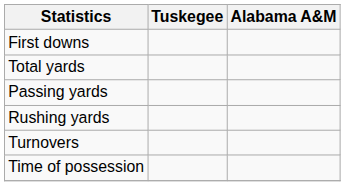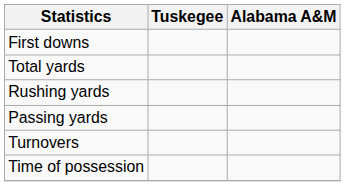 <table class="wikitable">
 <tr>
 <th>Statistics</th>
 <th>Tuskegee</th>
 <th>Alabama A&M</th>
 </tr>
 <tr>
 <td>First downs</td>
 <td> </td>
 <td> </td>
 </tr>
 <tr>
 <td>Total yards</td>
 <td> </td>
 <td> </td>
 </tr>
 <tr>
-<td>Passing yards</td>
+<td>Rushing yards</td>
 <td> </td>
 <td> </td>
 </tr>
 <tr>
-<td>Rushing yards</td>
+<td>Passing yards</td>
 <td> </td>
 <td> </td>
 </tr>
 <tr>
 <td>Turnovers</td>
 <td> </td>
 <td> </td>
 </tr>
 <tr>
 <td>Time of possession</td>
 <td> </td>
 <td> </td>
 </tr>
 <tr>
 </tr>
 </table>
